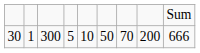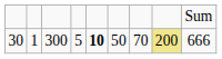 <table class="wikitable" style="text-align:center; float:center;">
 <tr>
 <td></td>
 <td></td>
 <td></td>
 <td></td>
 <td></td>
 <td></td>
 <td></td>
 <td></td>
 <td>Sum</td>
 </tr>
 <tr>
 <td>30</td>
 <td>1</td>
 <td>300</td>
 <td>5</td>
-<td>10</td>
+<td><strong>10</strong></td>
 <td>50</td>
 <td>70</td>
-<td>200</td>
+<td style="background: khaki;">200</td>
 <td>666</td>
 </tr>
 </table>
